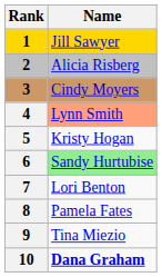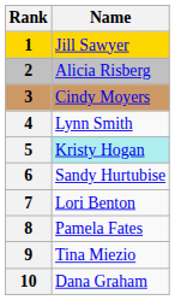 <table class="wikitable">
 <tr>
 <th>Rank</th>
 <th>Name</th>
 </tr>
 <tr bgcolor="gold">
 <td align="center"><strong>1</strong></td>
 <td><a href='#'>Jill Sawyer</a></td>
 </tr>
 <tr bgcolor="silver">
 <td align="center"><strong>2</strong></td>
 <td><a href='#'>Alicia Risberg</a></td>
 </tr>
 <tr bgcolor="cc9966">
 <td align="center"><strong>3</strong></td>
 <td><a href='#'>Cindy Moyers</a></td>
 </tr>
 <tr>
 <th>4</th>
-<td style="background: lightsalmon;"><a href='#'>Lynn Smith</a></td>
+<td><a href='#'>Lynn Smith</a></td>
 </tr>
 <tr>
 <th>5</th>
-<td><a href='#'>Kristy Hogan</a></td>
+<td style="background: paleturquoise;"><a href='#'>Kristy Hogan</a></td>
 </tr>
 <tr>
 <th>6</th>
-<td style="background: lightgreen;"><a href='#'>Sandy Hurtubise</a></td>
+<td><a href='#'>Sandy Hurtubise</a></td>
 </tr>
 <tr>
 <th>7</th>
 <td><a href='#'>Lori Benton</a></td>
 </tr>
 <tr>
 <th>8</th>
 <td><a href='#'>Pamela Fates</a></td>
 </tr>
 <tr>
 <th>9</th>
 <td><a href='#'>Tina Miezio</a></td>
 </tr>
 <tr>
 <th>10</th>
-<td><strong><a href='#'>Dana Graham</a></strong></td>
+<td><a href='#'>Dana Graham</a></td>
 </tr>
 </table>
